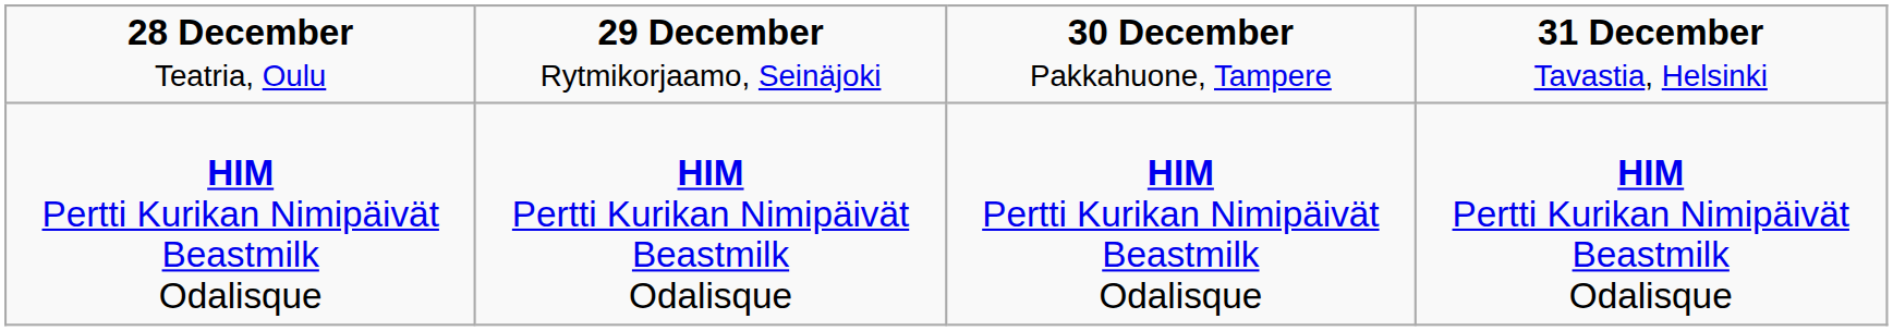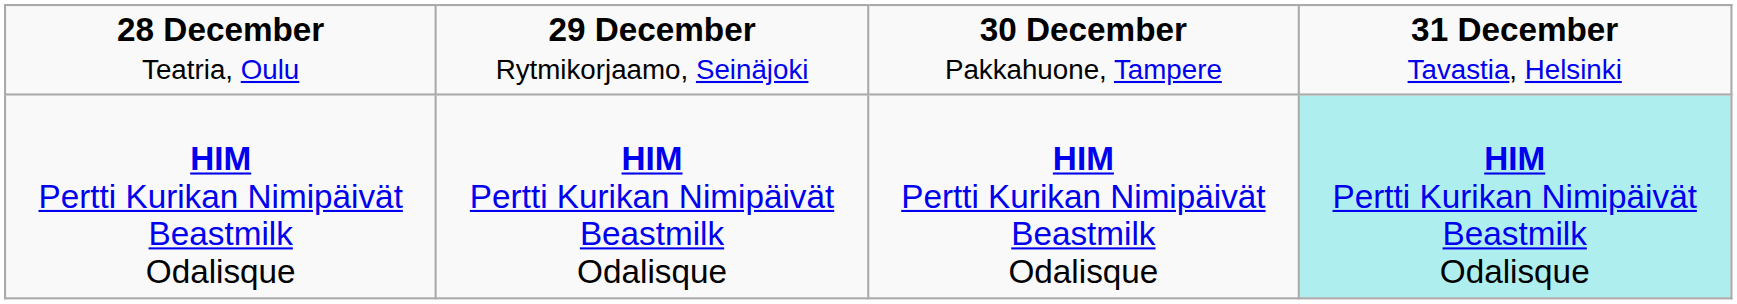 <table class="wikitable">
 <tr>
 <td colspan="1" style="text-align:center;"><strong>28 December</strong> <br> <small> Teatria, <a href='#'>Oulu</a> </small></td>
 <td colspan="1" style="text-align:center;"><strong>29 December</strong> <br> <small> Rytmikorjaamo, <a href='#'>Seinäjoki</a> </small></td>
 <td colspan="1" style="text-align:center;"><strong>30 December</strong> <br> <small> Pakkahuone, <a href='#'>Tampere</a> </small></td>
 <td colspan="1" style="text-align:center;"><strong>31 December</strong> <br> <small> <a href='#'>Tavastia</a>, <a href='#'>Helsinki</a> </small></td>
 </tr>
 <tr>
 <td style="text-align:center; vertical-align:top; width:200px;"><br><strong><a href='#'>HIM</a></strong><br> <a href='#'>Pertti Kurikan Nimipäivät</a><br> <a href='#'>Beastmilk</a><br> Odalisque<br></td>
 <td style="text-align:center; vertical-align:top; width:200px;"><br><strong><a href='#'>HIM</a></strong><br> <a href='#'>Pertti Kurikan Nimipäivät</a><br> <a href='#'>Beastmilk</a><br> Odalisque<br></td>
 <td style="text-align:center; vertical-align:top; width:200px;"><br><strong><a href='#'>HIM</a></strong><br> <a href='#'>Pertti Kurikan Nimipäivät</a><br> <a href='#'>Beastmilk</a><br> Odalisque<br></td>
-<td style="text-align:center; vertical-align:top; width:200px;"><br><strong><a href='#'>HIM</a></strong><br> <a href='#'>Pertti Kurikan Nimipäivät</a><br> <a href='#'>Beastmilk</a><br> Odalisque<br></td>
+<td style="background: paleturquoise; text-align:center; vertical-align:top; width:200px;"><br><strong><a href='#'>HIM</a></strong><br> <a href='#'>Pertti Kurikan Nimipäivät</a><br> <a href='#'>Beastmilk</a><br> Odalisque<br></td>
 </tr>
 </table>
